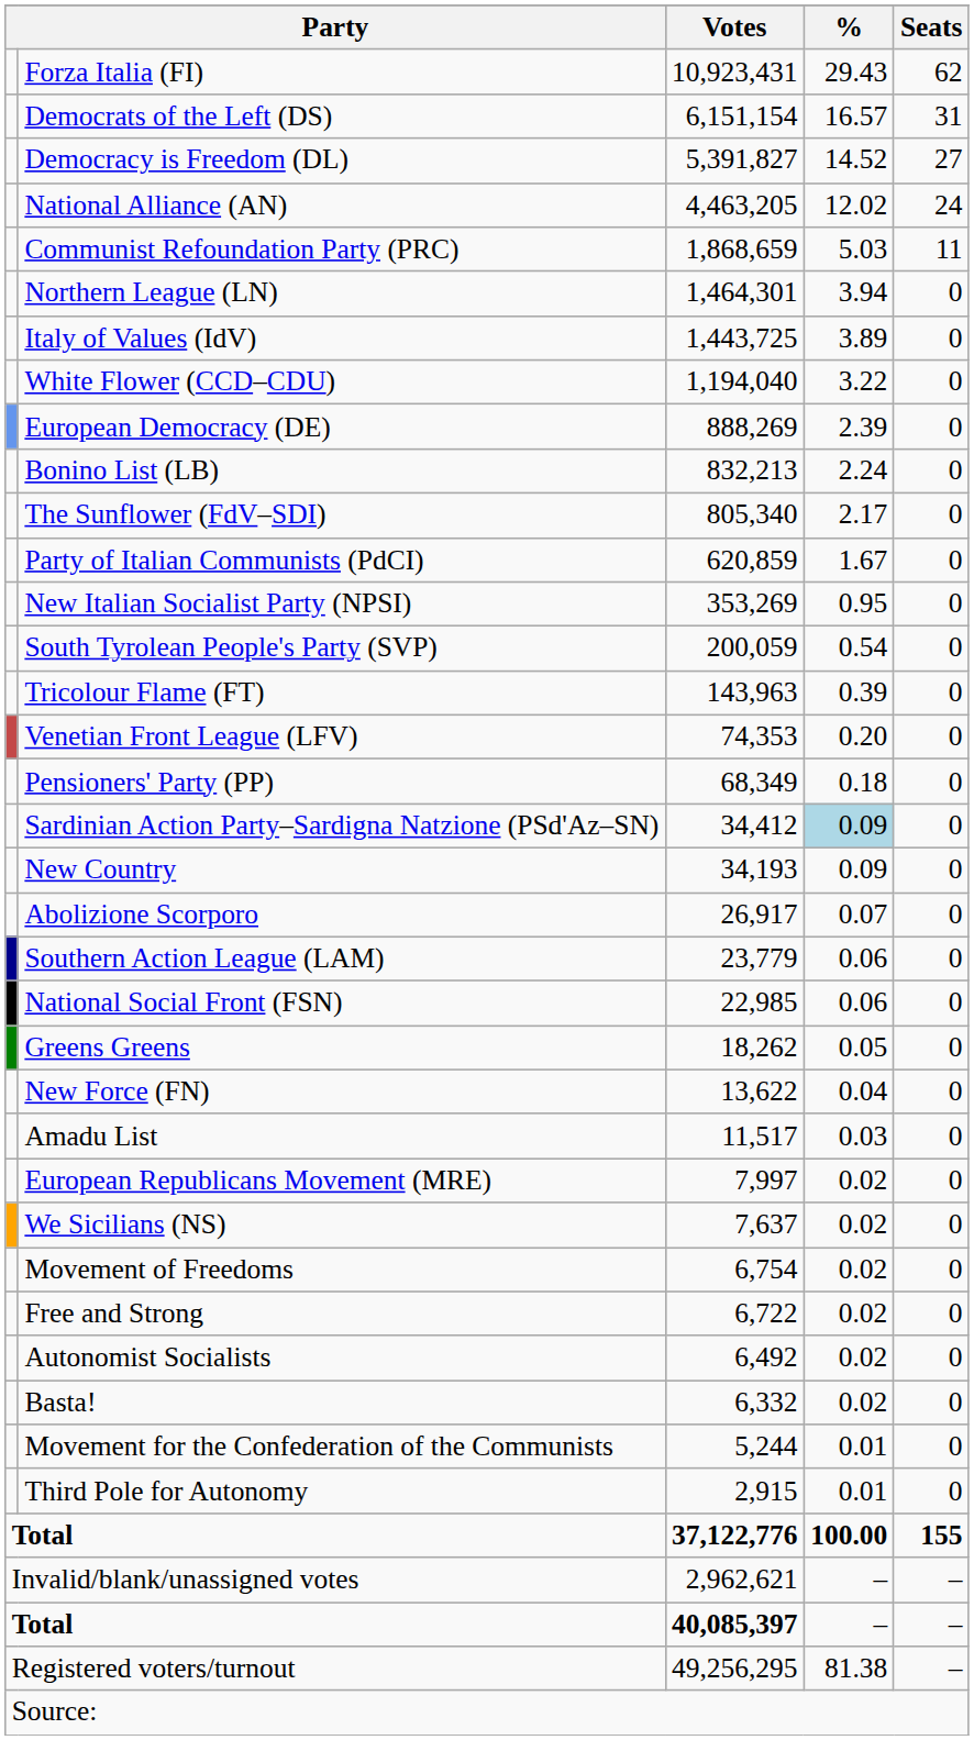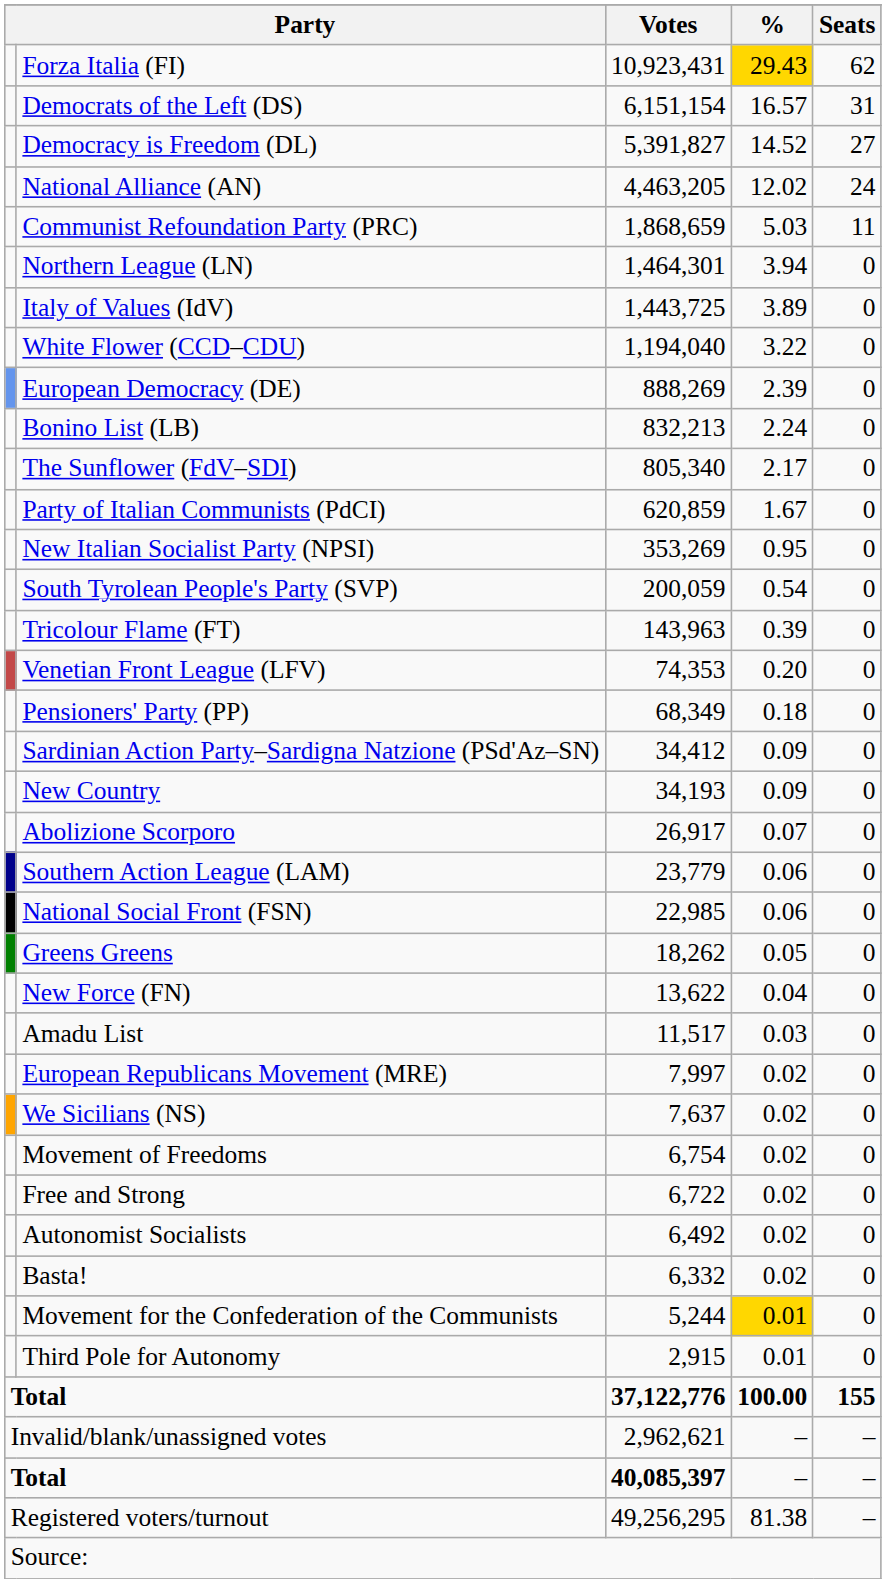 <table class="wikitable" style="text-align:right">
 <tr>
 </tr>
 <tr>
 <th colspan=2>Party</th>
 <th>Votes</th>
 <th>%</th>
 <th>Seats</th>
 </tr>
 <tr>
 <td></td>
 <td align="left"><a href='#'>Forza Italia</a> (FI)</td>
 <td align="right">10,923,431</td>
-<td align="right">29.43</td>
+<td align="right" style="background: gold;">29.43</td>
 <td align="right">62</td>
 </tr>
 <tr>
 <td style="color:inherit;background:"></td>
 <td align="left"><a href='#'>Democrats of the Left</a> (DS)</td>
 <td align="right">6,151,154</td>
 <td align="right">16.57</td>
 <td align="right">31</td>
 </tr>
 <tr>
 <td style="color:inherit;background:"></td>
 <td align="left"><a href='#'>Democracy is Freedom</a> (DL)</td>
 <td align="right">5,391,827</td>
 <td align="right">14.52</td>
 <td align="right">27</td>
 </tr>
 <tr>
 <td style="color:inherit;background:"></td>
 <td align="left"><a href='#'>National Alliance</a> (AN)</td>
 <td align="right">4,463,205</td>
 <td align="right">12.02</td>
 <td align="right">24</td>
 </tr>
 <tr>
 <td style="color:inherit;background:"></td>
 <td align="left"><a href='#'>Communist Refoundation Party</a> (PRC)</td>
 <td align="right">1,868,659</td>
 <td align="right">5.03</td>
 <td align="right">11</td>
 </tr>
 <tr>
 <td style="color:inherit;background:"></td>
 <td align="left"><a href='#'>Northern League</a> (LN)</td>
 <td align="right">1,464,301</td>
 <td align="right">3.94</td>
 <td align="right">0</td>
 </tr>
 <tr>
 <td style="color:inherit;background:"></td>
 <td align="left"><a href='#'>Italy of Values</a> (IdV)</td>
 <td align="right">1,443,725</td>
 <td align="right">3.89</td>
 <td align="right">0</td>
 </tr>
 <tr>
 <td></td>
 <td align="left"><a href='#'>White Flower</a> (<a href='#'>CCD</a>–<a href='#'>CDU</a>)</td>
 <td align="right">1,194,040</td>
 <td align="right">3.22</td>
 <td align="right">0</td>
 </tr>
 <tr>
 <td style="color:inherit;background:#6495ed"></td>
 <td align="left"><a href='#'>European Democracy</a> (DE)</td>
 <td align="right">888,269</td>
 <td align="right">2.39</td>
 <td align="right">0</td>
 </tr>
 <tr>
 <td></td>
 <td align="left"><a href='#'>Bonino List</a> (LB)</td>
 <td align="right">832,213</td>
 <td align="right">2.24</td>
 <td align="right">0</td>
 </tr>
 <tr>
 <td></td>
 <td align="left"><a href='#'>The Sunflower</a> (<a href='#'>FdV</a>–<a href='#'>SDI</a>)</td>
 <td align="right">805,340</td>
 <td align="right">2.17</td>
 <td align="right">0</td>
 </tr>
 <tr>
 <td style="color:inherit;background:"></td>
 <td align="left"><a href='#'>Party of Italian Communists</a> (PdCI)</td>
 <td align="right">620,859</td>
 <td align="right">1.67</td>
 <td align="right">0</td>
 </tr>
 <tr>
 <td style="color:inherit;background:"></td>
 <td align="left"><a href='#'>New Italian Socialist Party</a> (NPSI)</td>
 <td align="right">353,269</td>
 <td align="right">0.95</td>
 <td align="right">0</td>
 </tr>
 <tr>
 <td></td>
 <td align="left"><a href='#'>South Tyrolean People's Party</a> (SVP)</td>
 <td align="right">200,059</td>
 <td align="right">0.54</td>
 <td align="right">0</td>
 </tr>
 <tr>
 <td></td>
 <td align="left"><a href='#'>Tricolour Flame</a> (FT)</td>
 <td align="right">143,963</td>
 <td align="right">0.39</td>
 <td align="right">0</td>
 </tr>
 <tr>
 <td style="color:inherit;background:#C34848"></td>
 <td align="left"><a href='#'>Venetian Front League</a> (LFV)</td>
 <td align="right">74,353</td>
 <td align="right">0.20</td>
 <td align="right">0</td>
 </tr>
 <tr>
 <td></td>
 <td align="left"><a href='#'>Pensioners' Party</a> (PP)</td>
 <td align="right">68,349</td>
 <td align="right">0.18</td>
 <td align="right">0</td>
 </tr>
 <tr>
 <td></td>
 <td align="left"><a href='#'>Sardinian Action Party</a>–<a href='#'>Sardigna Natzione</a> (PSd'Az–SN)</td>
 <td align="right">34,412</td>
-<td align="right" style="background: lightblue;">0.09</td>
+<td align="right">0.09</td>
 <td align="right">0</td>
 </tr>
 <tr>
 <td></td>
 <td align="left"><a href='#'>New Country</a></td>
 <td align="right">34,193</td>
 <td align="right">0.09</td>
 <td align="right">0</td>
 </tr>
 <tr>
 <td></td>
 <td align="left"><a href='#'>Abolizione Scorporo</a></td>
 <td align="right">26,917</td>
 <td align="right">0.07</td>
 <td align="right">0</td>
 </tr>
 <tr>
 <td bgcolor="darkblue"></td>
 <td align="left"><a href='#'>Southern Action League</a> (LAM)</td>
 <td align="right">23,779</td>
 <td align="right">0.06</td>
 <td align="right">0</td>
 </tr>
 <tr>
 <td style="color:inherit;background:#000000"></td>
 <td align="left"><a href='#'>National Social Front</a> (FSN)</td>
 <td align="right">22,985</td>
 <td align="right">0.06</td>
 <td align="right">0</td>
 </tr>
 <tr>
 <td bgcolor="green"></td>
 <td align="left"><a href='#'>Greens Greens</a></td>
 <td align="right">18,262</td>
 <td align="right">0.05</td>
 <td align="right">0</td>
 </tr>
 <tr>
 <td></td>
 <td align="left"><a href='#'>New Force</a> (FN)</td>
 <td align="right">13,622</td>
 <td align="right">0.04</td>
 <td align="right">0</td>
 </tr>
 <tr>
 <td></td>
 <td align="left">Amadu List</td>
 <td align="right">11,517</td>
 <td align="right">0.03</td>
 <td align="right">0</td>
 </tr>
 <tr>
 <td></td>
 <td align="left"><a href='#'>European Republicans Movement</a> (MRE)</td>
 <td align="right">7,997</td>
 <td align="right">0.02</td>
 <td align="right">0</td>
 </tr>
 <tr>
 <td bgcolor="orange"></td>
 <td align="left"><a href='#'>We Sicilians</a> (NS)</td>
 <td align="right">7,637</td>
 <td align="right">0.02</td>
 <td align="right">0</td>
 </tr>
 <tr>
 <td></td>
 <td align="left">Movement of Freedoms</td>
 <td align="right">6,754</td>
 <td align="right">0.02</td>
 <td align="right">0</td>
 </tr>
 <tr>
 <td></td>
 <td align="left">Free and Strong</td>
 <td align="right">6,722</td>
 <td align="right">0.02</td>
 <td align="right">0</td>
 </tr>
 <tr>
 <td></td>
 <td align="left">Autonomist Socialists</td>
 <td align="right">6,492</td>
 <td align="right">0.02</td>
 <td align="right">0</td>
 </tr>
 <tr>
 <td></td>
 <td align="left">Basta!</td>
 <td align="right">6,332</td>
 <td align="right">0.02</td>
 <td align="right">0</td>
 </tr>
 <tr>
 <td></td>
 <td align="left">Movement for the Confederation of the Communists</td>
 <td align="right">5,244</td>
-<td align="right">0.01</td>
+<td align="right" style="background: gold;">0.01</td>
 <td align="right">0</td>
 </tr>
 <tr>
 <td></td>
 <td align="left">Third Pole for Autonomy</td>
 <td align="right">2,915</td>
 <td align="right">0.01</td>
 <td align="right">0</td>
 </tr>
 <tr>
 <td align="left" colspan=2><strong>Total</strong></td>
 <td align="right"><strong>37,122,776</strong></td>
 <td align="right"><strong>100.00</strong></td>
 <td align="right"><strong>155</strong></td>
 </tr>
 <tr>
 <td style="text-align:left;" colspan="2">Invalid/blank/unassigned votes</td>
 <td>2,962,621</td>
 <td>–</td>
 <td>–</td>
 </tr>
 <tr>
 <td style="text-align:left;" colspan="2"><strong>Total</strong></td>
 <td><strong>40,085,397</strong></td>
 <td>–</td>
 <td>–</td>
 </tr>
 <tr>
 <td style="text-align:left;" colspan="2">Registered voters/turnout</td>
 <td>49,256,295</td>
 <td>81.38</td>
 <td>–</td>
 </tr>
 <tr>
 <td style="text-align:left;" colspan="7">Source: </td>
 </tr>
 </table>
